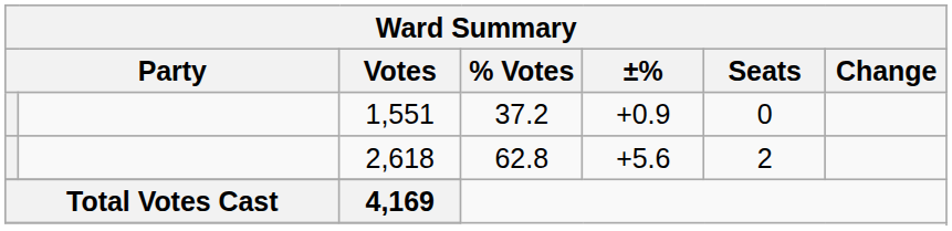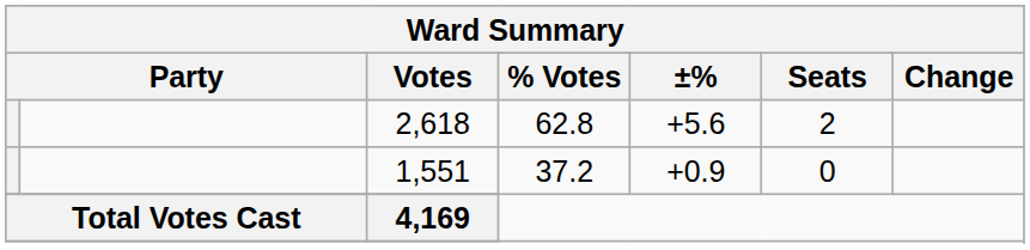 <table class="wikitable" style="font-size: 95%;">
 <tr style="background-color:#E9E9E9">
 <th colspan="7">Ward Summary</th>
 </tr>
 <tr style="background-color:#E9E9E9">
 <th colspan="2">Party</th>
 <th style="width: 60px">Votes</th>
 <th style="width: 60px">% Votes</th>
 <th style="width: 60px">±%</th>
 <th style="width: 60px">Seats</th>
 <th style="width: 60px">Change</th>
 </tr>
 <tr>
 <th style="background-color: "></th>
 <td style="width: 170px"><a href='#'></a></td>
-<td align="center">1,551</td>
-<td align="center">37.2</td>
-<td align="center">+0.9</td>
-<td align="center">0</td>
+<td align="center">2,618</td>
+<td align="center">62.8</td>
+<td align="center">+5.6</td>
+<td align="center">2</td>
 <td align="center"></td>
 </tr>
 <tr>
 <th style="background-color: "></th>
 <td style="width: 170px"><a href='#'></a></td>
-<td align="center">2,618</td>
-<td align="center">62.8</td>
-<td align="center">+5.6</td>
-<td align="center">2</td>
+<td align="center">1,551</td>
+<td align="center">37.2</td>
+<td align="center">+0.9</td>
+<td align="center">0</td>
 <td align="center"></td>
 </tr>
 <tr>
 </tr>
 <tr style="background-color:#E9E9E9">
 <th colspan="2">Total Votes Cast</th>
 <th style="width: 60px">4,169</th>
 </tr>
 <tr style="background-color:#E9E9E9">
 </tr>
 </table>
